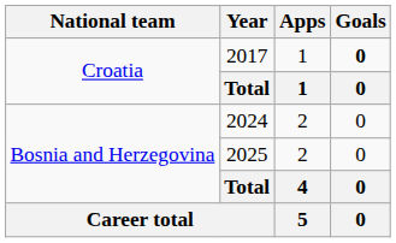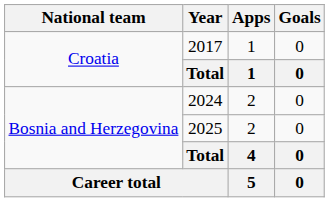 <table class=wikitable style=text-align:center>
 <tr>
 <th>National team</th>
 <th>Year</th>
 <th>Apps</th>
 <th>Goals</th>
 </tr>
 <tr>
 <td rowspan=2><a href='#'>Croatia</a></td>
 <td>2017</td>
 <td>1</td>
-<td><strong>0</strong></td>
+<td>0</td>
 </tr>
 <tr>
 <th>Total</th>
 <th>1</th>
 <th>0</th>
 </tr>
 <tr>
 <td rowspan=3><a href='#'>Bosnia and Herzegovina</a></td>
 <td>2024</td>
 <td>2</td>
 <td>0</td>
 </tr>
 <tr>
 <td>2025</td>
 <td>2</td>
 <td>0</td>
 </tr>
 <tr>
 <th>Total</th>
 <th>4</th>
 <th>0</th>
 </tr>
 <tr>
 <th colspan=2>Career total</th>
 <th>5</th>
 <th>0</th>
 </tr>
 </table>
